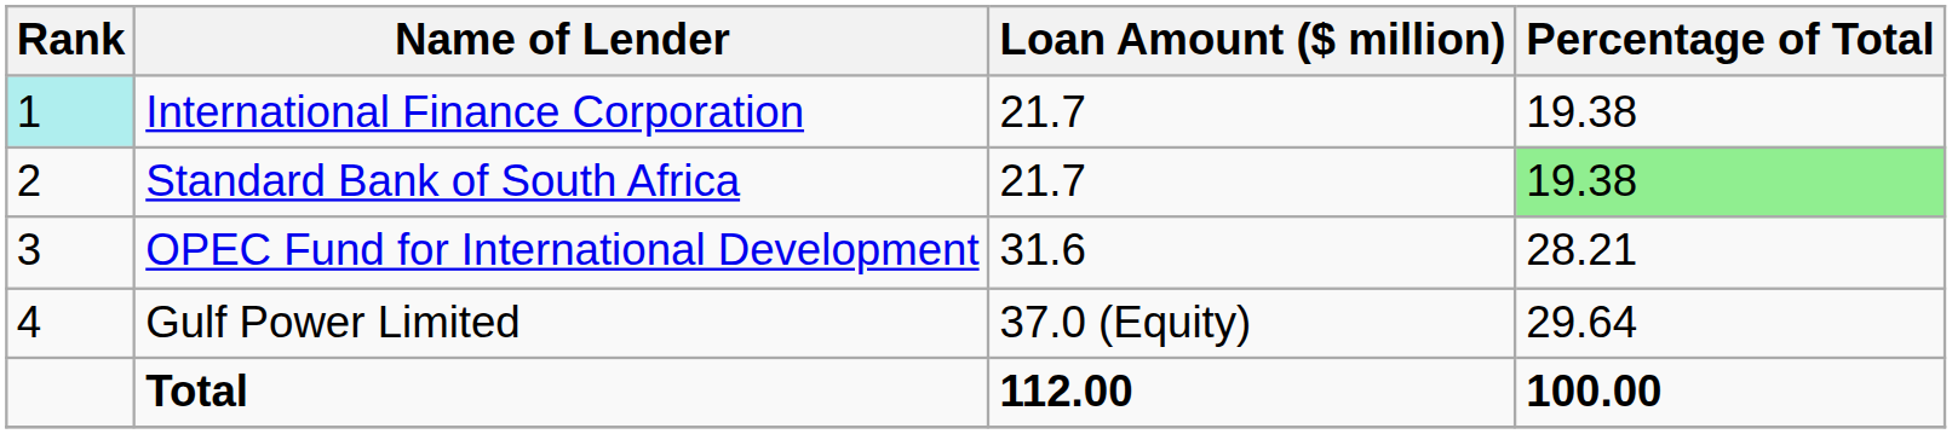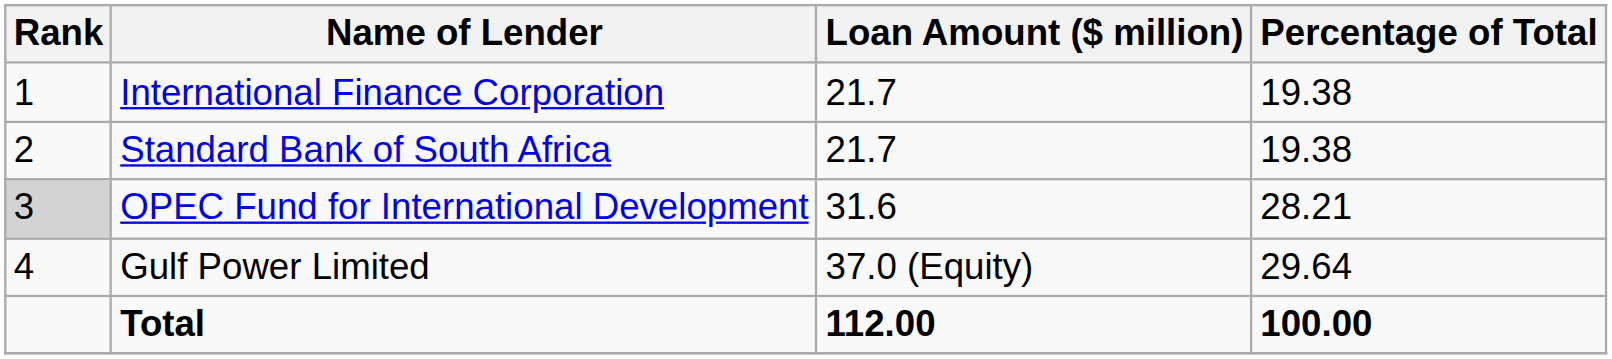 <table class="wikitable sortable" style="margin: 0.5em auto">
 <tr>
 <th>Rank</th>
 <th>Name of Lender</th>
 <th>Loan Amount ($ million)</th>
 <th>Percentage of Total</th>
 </tr>
 <tr>
-<td style="background: paleturquoise;">1</td>
+<td>1</td>
 <td><a href='#'>International Finance Corporation</a></td>
 <td>21.7</td>
 <td>19.38</td>
 </tr>
 <tr>
 <td>2</td>
 <td><a href='#'>Standard Bank of South Africa</a></td>
 <td>21.7</td>
-<td style="background: lightgreen;">19.38</td>
+<td>19.38</td>
 </tr>
 <tr>
-<td>3</td>
+<td style="background: lightgrey;">3</td>
 <td><a href='#'>OPEC Fund for International Development</a></td>
 <td>31.6</td>
 <td>28.21</td>
 </tr>
 <tr>
 <td>4</td>
 <td>Gulf Power Limited</td>
 <td>37.0 (Equity)</td>
 <td>29.64</td>
 </tr>
 <tr>
 <td></td>
 <td><strong>Total</strong></td>
 <td><strong>112.00</strong></td>
 <td><strong>100.00</strong></td>
 </tr>
 <tr>
 </tr>
 </table>
